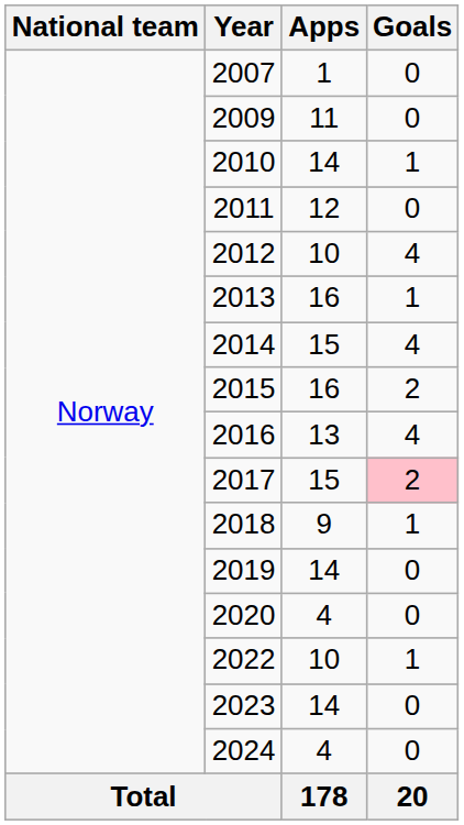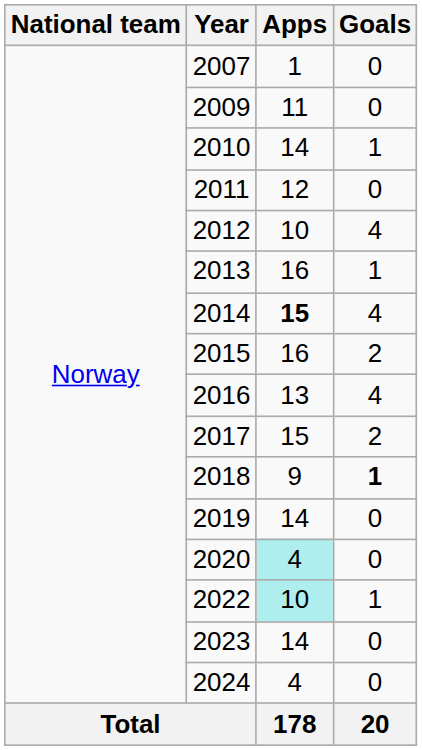 <table class="wikitable" style="text-align:center">
 <tr>
 <th>National team</th>
 <th>Year</th>
 <th>Apps</th>
 <th>Goals</th>
 </tr>
 <tr>
 <td rowspan="16"><a href='#'>Norway</a></td>
 <td>2007</td>
 <td>1</td>
 <td>0</td>
 </tr>
 <tr>
 <td>2009</td>
 <td>11</td>
 <td>0</td>
 </tr>
 <tr>
 <td>2010</td>
 <td>14</td>
 <td>1</td>
 </tr>
 <tr>
 <td>2011</td>
 <td>12</td>
 <td>0</td>
 </tr>
 <tr>
 <td>2012</td>
 <td>10</td>
 <td>4</td>
 </tr>
 <tr>
 <td>2013</td>
 <td>16</td>
 <td>1</td>
 </tr>
 <tr>
 <td>2014</td>
-<td>15</td>
+<td><strong>15</strong></td>
 <td>4</td>
 </tr>
 <tr>
 <td>2015</td>
 <td>16</td>
 <td>2</td>
 </tr>
 <tr>
 <td>2016</td>
 <td>13</td>
 <td>4</td>
 </tr>
 <tr>
 <td>2017</td>
 <td>15</td>
-<td style="background: pink;">2</td>
+<td>2</td>
 </tr>
 <tr>
 <td>2018</td>
 <td>9</td>
-<td>1</td>
+<td><strong>1</strong></td>
 </tr>
 <tr>
 <td>2019</td>
 <td>14</td>
 <td>0</td>
 </tr>
 <tr>
 <td>2020</td>
-<td>4</td>
+<td style="background: paleturquoise;">4</td>
 <td>0</td>
 </tr>
 <tr>
 <td>2022</td>
-<td>10</td>
+<td style="background: paleturquoise;">10</td>
 <td>1</td>
 </tr>
 <tr>
 <td>2023</td>
 <td>14</td>
 <td>0</td>
 </tr>
 <tr>
 <td>2024</td>
 <td>4</td>
 <td>0</td>
 </tr>
 <tr>
 <th colspan="2">Total</th>
 <th>178</th>
 <th>20</th>
 </tr>
 </table>
